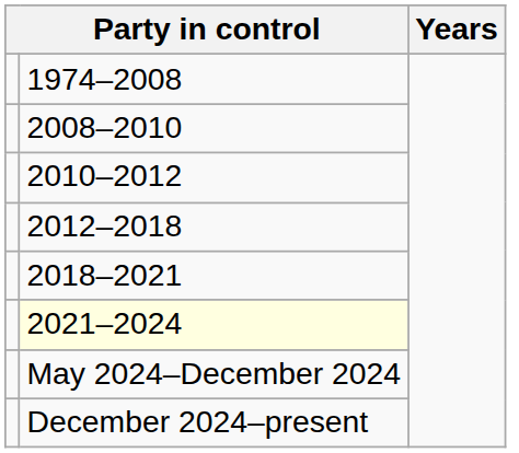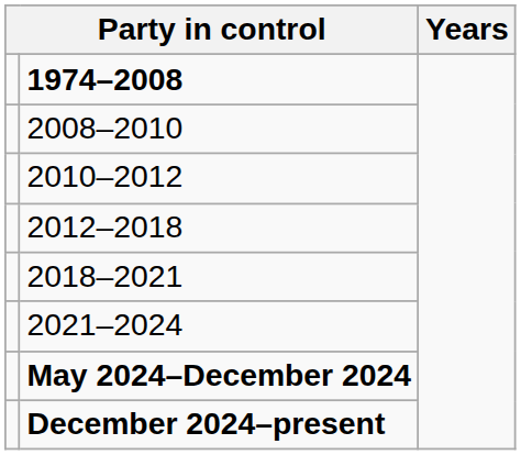 <table class="wikitable">
 <tr>
 <th colspan=2>Party in control</th>
 <th>Years</th>
 </tr>
 <tr>
 <td></td>
-<td>1974–2008</td>
+<td><strong>1974–2008</strong></td>
 </tr>
 <tr>
 <td></td>
 <td>2008–2010</td>
 </tr>
 <tr>
 <td></td>
 <td>2010–2012</td>
 </tr>
 <tr>
 <td></td>
 <td>2012–2018</td>
 </tr>
 <tr>
 <td></td>
 <td>2018–2021</td>
 </tr>
 <tr>
 <td></td>
-<td style="background: lightyellow;">2021–2024</td>
+<td>2021–2024</td>
 </tr>
 <tr>
 <td></td>
-<td>May 2024–December 2024</td>
+<td><strong>May 2024–December 2024</strong></td>
 </tr>
 <tr>
 <td></td>
-<td>December 2024–present</td>
+<td><strong>December 2024–present</strong></td>
 </tr>
 </table>
